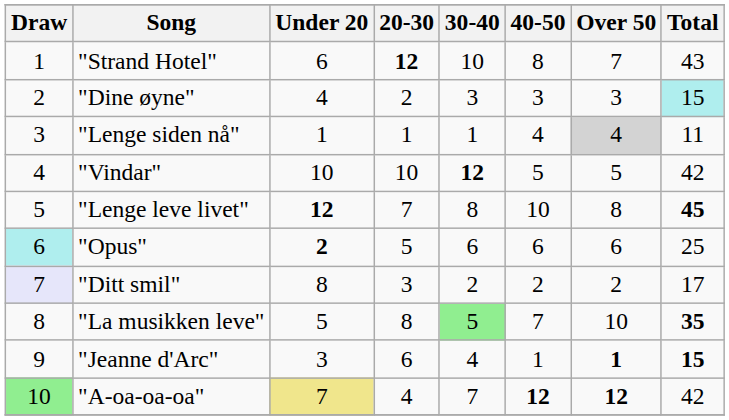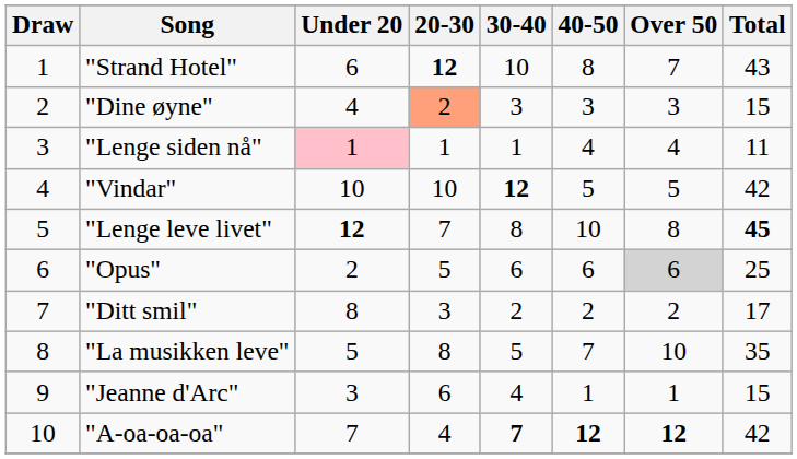 <table class="wikitable plainrowheaders" style="margin: 1em auto 1em auto; text-align:center;">
 <tr>
 </tr>
 <tr>
 <th>Draw</th>
 <th>Song</th>
 <th>Under 20</th>
 <th>20-30</th>
 <th>30-40</th>
 <th>40-50</th>
 <th>Over 50</th>
 <th>Total</th>
 </tr>
 <tr>
 <td>1</td>
 <td align="left">"Strand Hotel"</td>
 <td>6</td>
 <td><strong>12</strong></td>
 <td>10</td>
 <td>8</td>
 <td>7</td>
 <td>43</td>
 </tr>
 <tr>
 <td>2</td>
 <td align="left">"Dine øyne"</td>
 <td>4</td>
-<td>2</td>
+<td style="background: lightsalmon;">2</td>
 <td>3</td>
 <td>3</td>
 <td>3</td>
-<td style="background: paleturquoise;">15</td>
+<td>15</td>
 </tr>
 <tr>
 <td>3</td>
 <td align="left">"Lenge siden nå"</td>
-<td>1</td>
+<td style="background: pink;">1</td>
 <td>1</td>
 <td>1</td>
 <td>4</td>
-<td style="background: lightgrey;">4</td>
+<td>4</td>
 <td>11</td>
 </tr>
 <tr>
 <td>4</td>
 <td align="left">"Vindar"</td>
 <td>10</td>
 <td>10</td>
 <td><strong>12</strong></td>
 <td>5</td>
 <td>5</td>
 <td>42</td>
 </tr>
 <tr>
 <td>5</td>
 <td align="left">"Lenge leve livet"</td>
 <td><strong>12</strong></td>
 <td>7</td>
 <td>8</td>
 <td>10</td>
 <td>8</td>
 <td><strong>45</strong></td>
 </tr>
 <tr>
-<td style="background: paleturquoise;">6</td>
+<td>6</td>
 <td align="left">"Opus"</td>
-<td><strong>2</strong></td>
+<td>2</td>
 <td>5</td>
 <td>6</td>
 <td>6</td>
-<td>6</td>
+<td style="background: lightgrey;">6</td>
 <td>25</td>
 </tr>
 <tr>
-<td style="background: lavender;">7</td>
+<td>7</td>
 <td align="left">"Ditt smil"</td>
 <td>8</td>
 <td>3</td>
 <td>2</td>
 <td>2</td>
 <td>2</td>
 <td>17</td>
 </tr>
 <tr>
 <td>8</td>
 <td align="left">"La musikken leve"</td>
 <td>5</td>
 <td>8</td>
-<td style="background: lightgreen;">5</td>
+<td>5</td>
 <td>7</td>
 <td>10</td>
-<td><strong>35</strong></td>
+<td>35</td>
 </tr>
 <tr>
 <td>9</td>
 <td align="left">"Jeanne d'Arc"</td>
 <td>3</td>
 <td>6</td>
 <td>4</td>
 <td>1</td>
-<td><strong>1</strong></td>
-<td><strong>15</strong></td>
+<td>1</td>
+<td>15</td>
 </tr>
 <tr>
-<td style="background: lightgreen;">10</td>
+<td>10</td>
 <td align="left">"A-oa-oa-oa"</td>
-<td style="background: khaki;">7</td>
+<td>7</td>
 <td>4</td>
-<td>7</td>
+<td><strong>7</strong></td>
 <td><strong>12</strong></td>
 <td><strong>12</strong></td>
 <td>42</td>
 </tr>
 <tr>
 </tr>
 </table>
